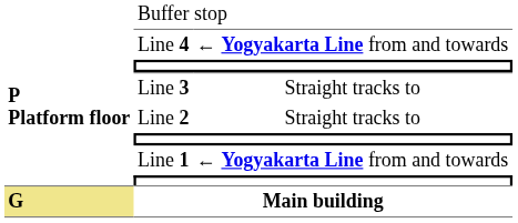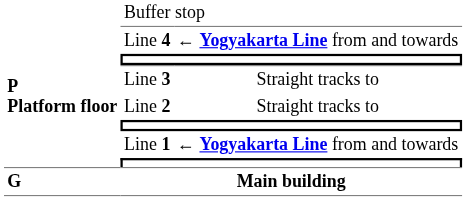 <table cellspacing="0" cellpadding="3">
 <tr>
 <td></td>
 <td colspan="2">Buffer stop</td>
 </tr>
 <tr>
 <td rowspan="7"><strong>P</strong><br><strong>Platform floor</strong></td>
 <td style="border-top:solid 1px gray">Line <strong>4</strong></td>
 <td style="border-top:solid 1px gray">←   <strong><a href='#'>Yogyakarta Line</a></strong> from and towards </td>
 </tr>
 <tr>
 <td colspan="2" style="border-top:solid 2px black;border-bottom:solid 2px black;border-left:solid 2px black;border-right:solid 2px black;text-align:center"></td>
 </tr>
 <tr>
 <td style="border-top:solid 1px gray">Line <strong>3</strong></td>
 <td style="border-top:solid 1px gray;text-align:center">Straight tracks to </td>
 </tr>
 <tr>
 <td>Line <strong>2</strong></td>
 <td style="text-align:center">Straight tracks to </td>
 </tr>
 <tr>
 <td colspan="2" style="text-align:center;border-top:solid 2px black;border-bottom:solid 2px black;border-left:solid 2px black;border-right:solid 2px black;text-align:center"></td>
 </tr>
 <tr>
 <td>Line <strong>1</strong></td>
 <td style="text-align:center">←   <strong><a href='#'>Yogyakarta Line</a></strong> from and towards </td>
 </tr>
 <tr>
 <td colspan="2" style="border-top:solid 2px black;border-left:solid 2px black;border-right:solid 2px black;text-align:center"></td>
 </tr>
 <tr>
-<td style="background: khaki; border-top:solid 1px gray;border-bottom:solid 1px gray;"><strong>G</strong></td>
+<td style="border-top:solid 1px gray;border-bottom:solid 1px gray;"><strong>G</strong></td>
 <td colspan="2" style="border-top:solid 1px gray;border-bottom:solid 1px gray;text-align:center"><strong>Main building</strong></td>
 </tr>
 </table>
